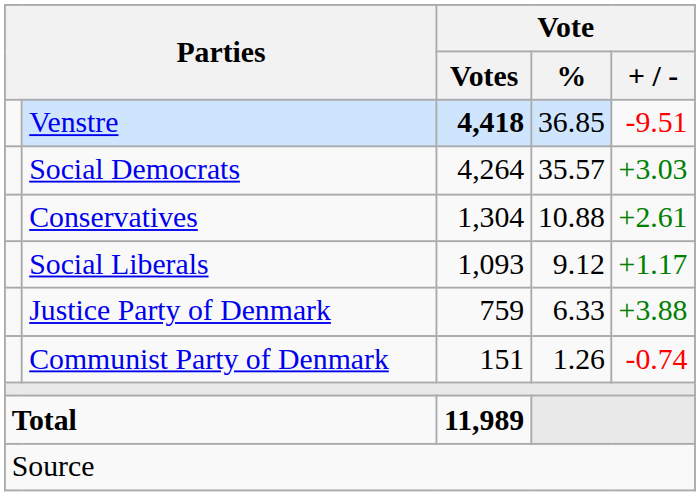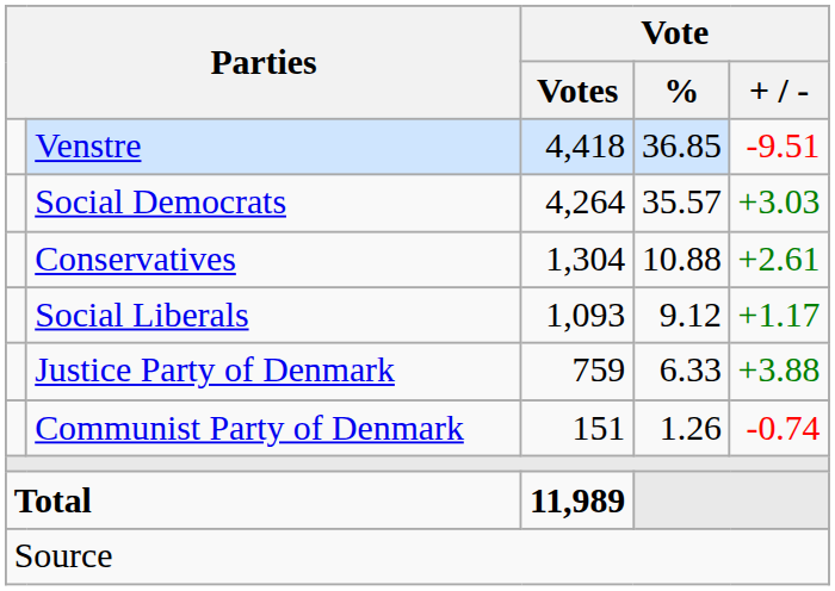 <table class="wikitable" style="text-align:right;">
 <tr>
 <th style="text-align:centre;" rowspan="2" colspan="2" width="225">Parties</th>
 <th colspan="3">Vote</th>
 </tr>
 <tr>
 <th width="15">Votes</th>
 <th width="15">%</th>
 <th width="15">+ / -</th>
 </tr>
 <tr>
 <td width="2" style="color:inherit;background:"></td>
 <td bgcolor=#cfe5fe  align="left"><a href='#'>Venstre</a></td>
-<td bgcolor=#cfe5fe><strong>4,418</strong></td>
+<td bgcolor=#cfe5fe>4,418</td>
 <td bgcolor=#cfe5fe>36.85</td>
 <td style=color:red;>-9.51</td>
 </tr>
 <tr>
 <td width="2" style="color:inherit;background:"></td>
 <td align="left"><a href='#'>Social Democrats</a></td>
 <td>4,264</td>
 <td>35.57</td>
 <td style=color:green;>+3.03</td>
 </tr>
 <tr>
 <td width="2" style="color:inherit;background:"></td>
 <td align="left"><a href='#'>Conservatives</a></td>
 <td>1,304</td>
 <td>10.88</td>
 <td style=color:green;>+2.61</td>
 </tr>
 <tr>
 <td width="2" style="color:inherit;background:"></td>
 <td align="left"><a href='#'>Social Liberals</a></td>
 <td>1,093</td>
 <td>9.12</td>
 <td style=color:green;>+1.17</td>
 </tr>
 <tr>
 <td width="2" style="color:inherit;background:"></td>
 <td align="left"><a href='#'>Justice Party of Denmark</a></td>
 <td>759</td>
 <td>6.33</td>
 <td style=color:green;>+3.88</td>
 </tr>
 <tr>
 <td width="2" style="color:inherit;background:"></td>
 <td align="left"><a href='#'>Communist Party of Denmark</a></td>
 <td>151</td>
 <td>1.26</td>
 <td style=color:red;>-0.74</td>
 </tr>
 <tr>
 <td colspan="7" bgcolor="#E9E9E9"></td>
 </tr>
 <tr>
 <td align="left" colspan="2"><strong>Total</strong></td>
 <td><strong>11,989</strong></td>
 <td bgcolor="#E9E9E9" colspan="2"></td>
 </tr>
 <tr>
 <td align="left" colspan="6">Source</td>
 </tr>
 </table>
